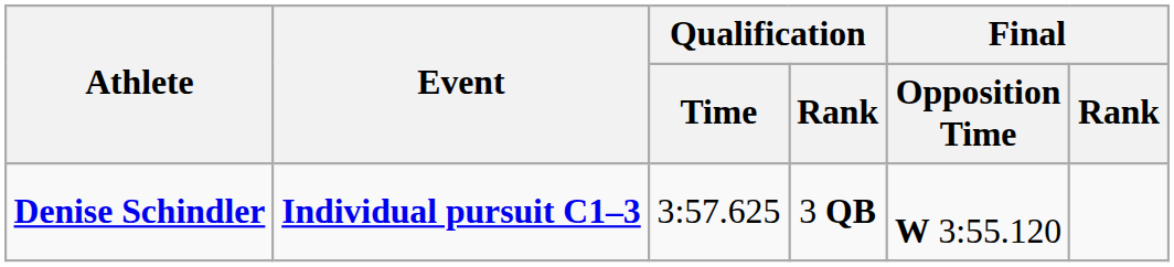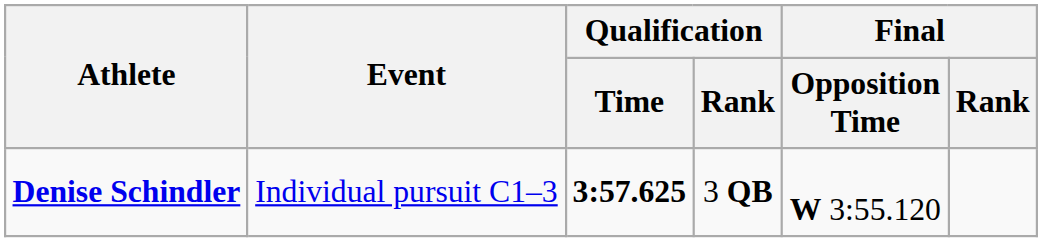 <table class=wikitable style="font-size:90%">
 <tr>
 <th rowspan="2">Athlete</th>
 <th rowspan="2">Event</th>
 <th colspan="2">Qualification</th>
 <th colspan="2">Final</th>
 </tr>
 <tr>
 <th>Time</th>
 <th>Rank</th>
 <th>Opposition<br>Time</th>
 <th>Rank</th>
 </tr>
 <tr align=center>
 <td align=left><strong><a href='#'>Denise Schindler</a></strong></td>
-<td align=left><strong><a href='#'>Individual pursuit C1–3</a></strong></td>
-<td>3:57.625</td>
+<td align=left><a href='#'>Individual pursuit C1–3</a></td>
+<td><strong>3:57.625</strong></td>
 <td>3 <strong>QB</strong></td>
 <td><br><strong>W</strong> 3:55.120</td>
 <td></td>
 </tr>
 </table>
